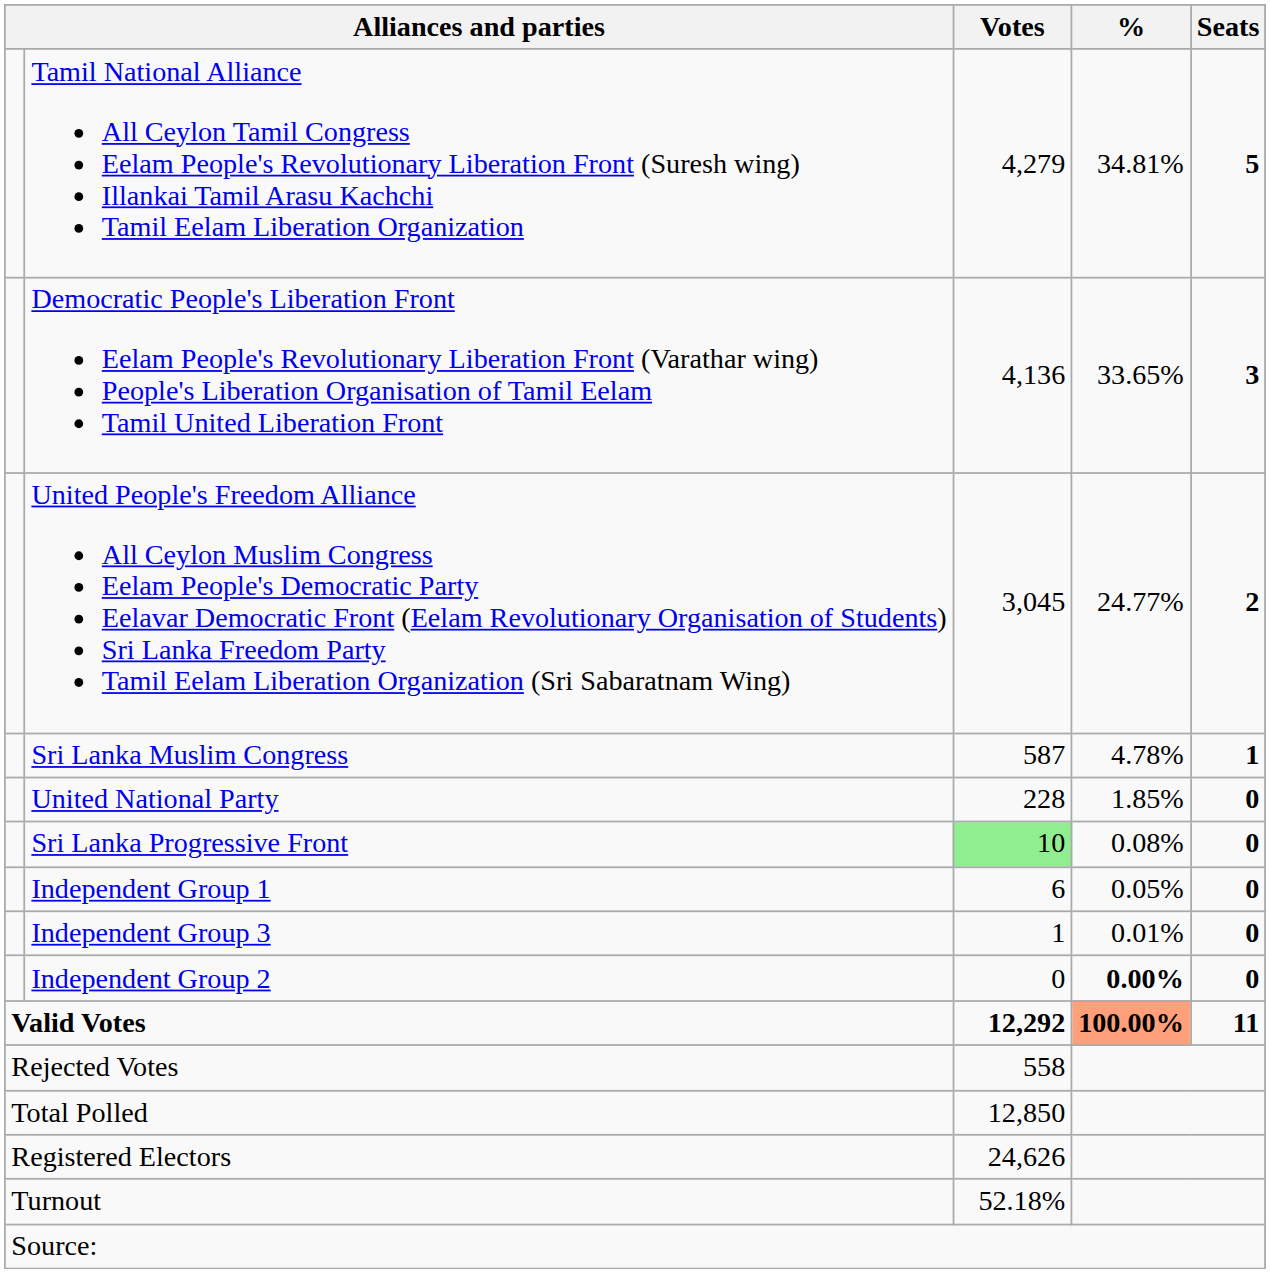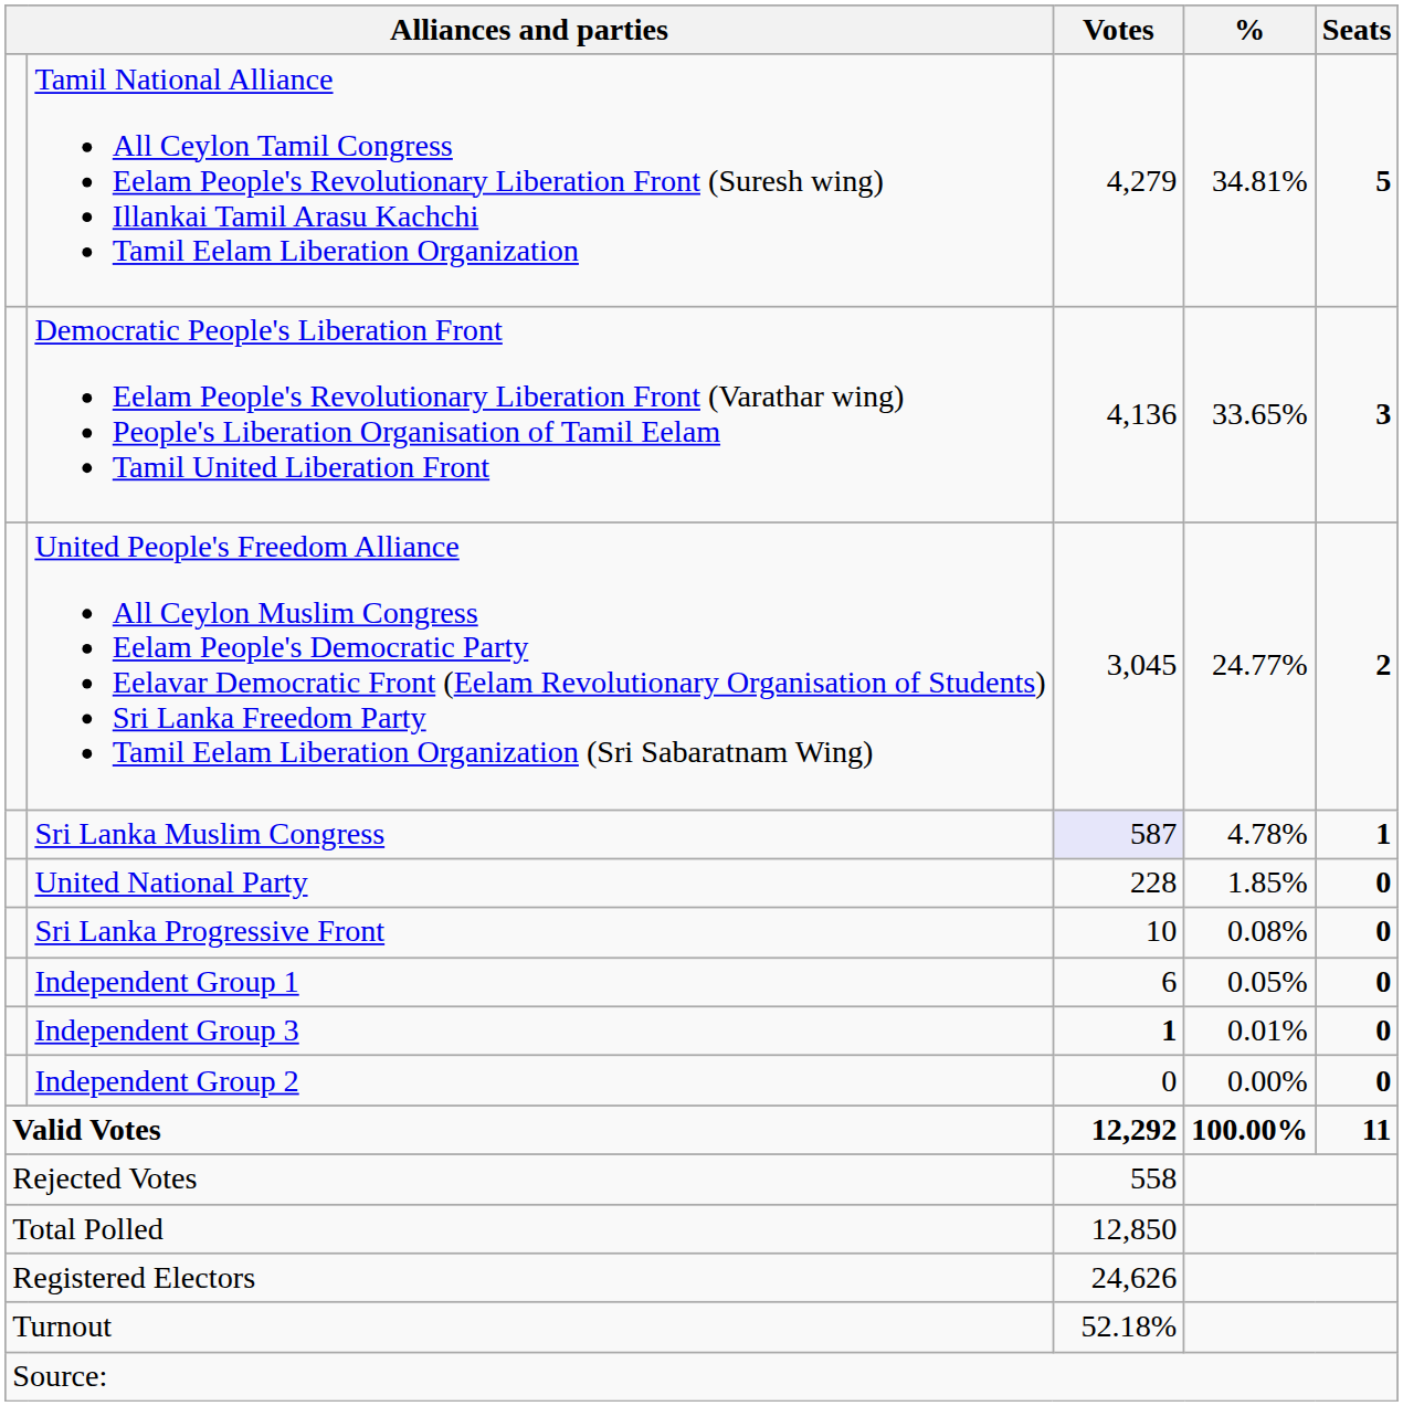 <table class="wikitable" border="1" style="text-align:right;">
 <tr>
 <th valign=bottom align=left colspan=2>Alliances and parties</th>
 <th valign=bottom align=center width="60">Votes</th>
 <th valign=bottom align=center width="50">%</th>
 <th valign=bottom align=center>Seats</th>
 </tr>
 <tr>
 <td bgcolor=> </td>
 <td align=left><a href='#'>Tamil National Alliance</a><br><ul><li><a href='#'>All Ceylon Tamil Congress</a></li><li><a href='#'>Eelam People's Revolutionary Liberation Front</a> (Suresh wing)</li><li><a href='#'>Illankai Tamil Arasu Kachchi</a></li><li><a href='#'>Tamil Eelam Liberation Organization</a></li></ul></td>
 <td>4,279</td>
 <td>34.81%</td>
 <td><strong>5</strong></td>
 </tr>
 <tr>
 <td bgcolor=> </td>
 <td align=left><a href='#'>Democratic People's Liberation Front</a><br><ul><li><a href='#'>Eelam People's Revolutionary Liberation Front</a> (Varathar wing)</li><li><a href='#'>People's Liberation Organisation of Tamil Eelam</a></li><li><a href='#'>Tamil United Liberation Front</a></li></ul></td>
 <td>4,136</td>
 <td>33.65%</td>
 <td><strong>3</strong></td>
 </tr>
 <tr>
 <td bgcolor=> </td>
 <td align=left><a href='#'>United People's Freedom Alliance</a><br><ul><li><a href='#'>All Ceylon Muslim Congress</a></li><li><a href='#'>Eelam People's Democratic Party</a></li><li><a href='#'>Eelavar Democratic Front</a> (<a href='#'>Eelam Revolutionary Organisation of Students</a>)</li><li><a href='#'>Sri Lanka Freedom Party</a></li><li><a href='#'>Tamil Eelam Liberation Organization</a> (Sri Sabaratnam Wing)</li></ul></td>
 <td>3,045</td>
 <td>24.77%</td>
 <td><strong>2</strong></td>
 </tr>
 <tr>
 <td bgcolor=> </td>
 <td align=left><a href='#'>Sri Lanka Muslim Congress</a></td>
-<td>587</td>
+<td style="background: lavender;">587</td>
 <td>4.78%</td>
 <td><strong>1</strong></td>
 </tr>
 <tr>
 <td bgcolor=> </td>
 <td align=left><a href='#'>United National Party</a></td>
 <td>228</td>
 <td>1.85%</td>
 <td><strong>0</strong></td>
 </tr>
 <tr>
 <td></td>
 <td align=left><a href='#'>Sri Lanka Progressive Front</a></td>
-<td style="background: lightgreen;">10</td>
+<td>10</td>
 <td>0.08%</td>
 <td><strong>0</strong></td>
 </tr>
 <tr>
 <td></td>
 <td align=left><a href='#'>Independent Group 1</a></td>
 <td>6</td>
 <td>0.05%</td>
 <td><strong>0</strong></td>
 </tr>
 <tr>
 <td></td>
 <td align=left><a href='#'>Independent Group 3</a></td>
-<td>1</td>
+<td><strong>1</strong></td>
 <td>0.01%</td>
 <td><strong>0</strong></td>
 </tr>
 <tr>
 <td></td>
 <td align=left><a href='#'>Independent Group 2</a></td>
 <td>0</td>
-<td><strong>0.00%</strong></td>
+<td>0.00%</td>
 <td><strong>0</strong></td>
 </tr>
 <tr>
 <td colspan=2 align=left><strong>Valid Votes</strong></td>
 <td><strong>12,292</strong></td>
-<td style="background: lightsalmon;"><strong>100.00%</strong></td>
+<td><strong>100.00%</strong></td>
 <td><strong>11</strong></td>
 </tr>
 <tr>
 <td colspan=2 align=left>Rejected Votes</td>
 <td>558</td>
 <td colspan=2></td>
 </tr>
 <tr>
 <td colspan=2 align=left>Total Polled</td>
 <td>12,850</td>
 <td colspan=2></td>
 </tr>
 <tr>
 <td colspan=2 align=left>Registered Electors</td>
 <td>24,626</td>
 <td colspan=2></td>
 </tr>
 <tr>
 <td colspan=2 align=left>Turnout</td>
 <td>52.18%</td>
 <td colspan=2></td>
 </tr>
 <tr>
 <td align=left colspan=5>Source:</td>
 </tr>
 </table>
